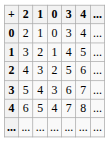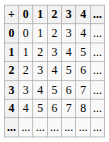 <table class="wikitable" style="display:inline-table; text-align:center; margin:1em .8em 1em 1.6em;">
 <tr>
 <th>+</th>
+<th>0</th>
+<th>1</th>
 <th>2</th>
-<th>1</th>
-<th>0</th>
 <th>3</th>
 <th>4</th>
 <th>...</th>
 </tr>
 <tr>
 <th>0</th>
+<td>0</td>
+<td>1</td>
 <td>2</td>
-<td>1</td>
-<td>0</td>
 <td>3</td>
 <td>4</td>
 <td>...</td>
 </tr>
 <tr>
 <th>1</th>
+<td>1</td>
+<td>2</td>
 <td>3</td>
-<td>2</td>
-<td>1</td>
 <td>4</td>
 <td>5</td>
 <td>...</td>
 </tr>
 <tr>
 <th>2</th>
+<td>2</td>
+<td>3</td>
 <td>4</td>
-<td>3</td>
-<td>2</td>
 <td>5</td>
 <td>6</td>
 <td>...</td>
 </tr>
 <tr>
 <th>3</th>
+<td>3</td>
+<td>4</td>
 <td>5</td>
-<td>4</td>
-<td>3</td>
 <td>6</td>
 <td>7</td>
 <td>...</td>
 </tr>
 <tr>
 <th scope="row">4</th>
+<td>4</td>
+<td>5</td>
 <td>6</td>
-<td>5</td>
-<td>4</td>
 <td>7</td>
 <td>8</td>
 <td>...</td>
 </tr>
 <tr>
 <th scope="row">...</th>
 <td>...</td>
 <td>...</td>
 <td>...</td>
 <td>...</td>
 <td>...</td>
 <td>...</td>
 </tr>
 </table>
